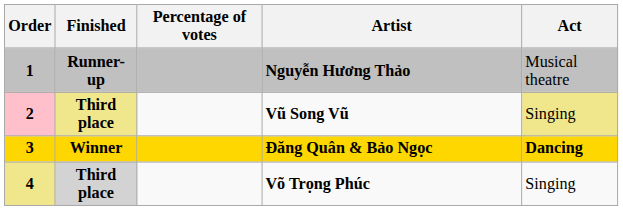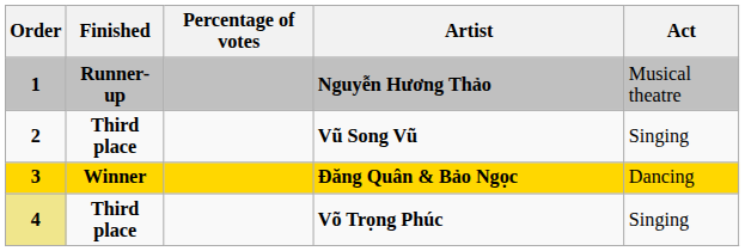 <table class="wikitable sortable">
 <tr>
 <th>Order</th>
 <th>Finished</th>
 <th>Percentage of votes</th>
 <th width=250>Artist</th>
 <th>Act</th>
 </tr>
 <tr>
 <td align=center bgcolor=silver><strong>1</strong></td>
 <td align=center bgcolor=silver><strong>Runner-up</strong></td>
 <td align=center bgcolor=silver></td>
 <td bgcolor=silver><strong>Nguyễn Hương Thảo</strong></td>
 <td bgcolor=silver>Musical theatre</td>
 </tr>
 <tr>
-<td align=center style="background: pink;"><strong>2</strong></td>
-<td align=center style="background: khaki;"><strong>Third place</strong></td>
+<td align=center><strong>2</strong></td>
+<td align=center><strong>Third place</strong></td>
 <td></td>
 <td><strong>Vũ Song Vũ</strong></td>
-<td style="background: khaki;">Singing</td>
+<td>Singing</td>
 </tr>
 <tr>
 <td align=center bgcolor=gold><strong>3</strong></td>
 <td align=center bgcolor=gold><strong>Winner</strong></td>
 <td align=center bgcolor=gold></td>
 <td bgcolor=gold><strong>Đăng Quân & Bảo Ngọc</strong></td>
-<td bgcolor=gold><strong>Dancing</strong></td>
+<td bgcolor=gold>Dancing</td>
 </tr>
 <tr>
 <td align=center style="background: khaki;"><strong>4</strong></td>
-<td align=center style="background: lightgrey;"><strong>Third place</strong></td>
+<td align=center><strong>Third place</strong></td>
 <td></td>
 <td><strong>Võ Trọng Phúc</strong></td>
 <td>Singing</td>
 </tr>
 <tr>
 </tr>
 </table>
